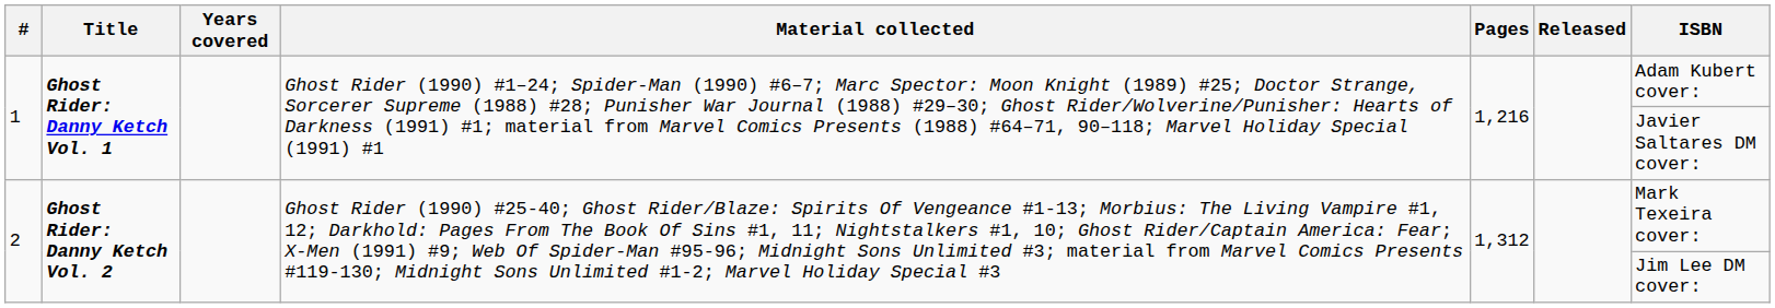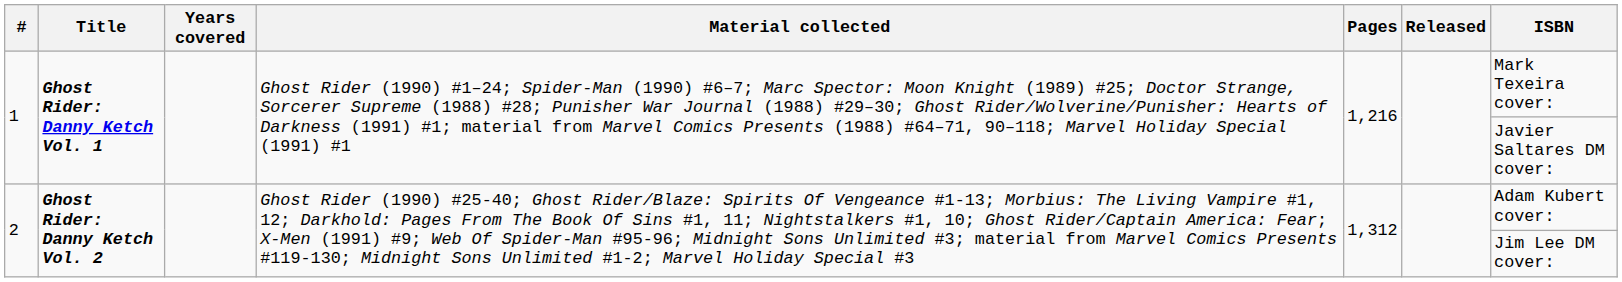 <table class="wikitable sortable" width="99%">
 <tr>
 <th class="unsortable" width="20px">#</th>
 <th>Title</th>
 <th>Years covered</th>
 <th class="unsortable">Material collected</th>
 <th>Pages</th>
 <th>Released</th>
 <th class="unsortable">ISBN</th>
 </tr>
 <tr>
 <td rowspan=2>1</td>
 <td rowspan=2><strong><em>Ghost Rider: <a href='#'>Danny Ketch</a> Vol. 1</em></strong></td>
 <td rowspan=2></td>
 <td rowspan=2><em>Ghost Rider</em> (1990) #1–24; <em>Spider-Man</em> (1990) #6–7; <em>Marc Spector: Moon Knight</em> (1989) #25; <em>Doctor Strange, Sorcerer Supreme</em> (1988) #28; <em>Punisher War Journal</em> (1988) #29–30; <em>Ghost Rider/Wolverine/Punisher: Hearts of Darkness</em> (1991) #1; material from <em>Marvel Comics Presents</em> (1988) #64–71, 90–118; <em>Marvel Holiday Special</em> (1991) #1</td>
 <td rowspan=2 style="text-align: center;">1,216</td>
 <td rowspan=2></td>
-<td>Adam Kubert cover: </td>
+<td>Mark Texeira cover: </td>
 </tr>
 <tr>
 <td>Javier Saltares DM cover: </td>
 </tr>
 <tr>
 <td rowspan=2>2</td>
 <td rowspan=2><strong><em>Ghost Rider: Danny Ketch Vol. 2</em></strong></td>
 <td rowspan=2></td>
 <td rowspan=2><em>Ghost Rider</em> (1990) #25-40; <em>Ghost Rider/Blaze: Spirits Of Vengeance</em> #1-13; <em>Morbius: The Living Vampire</em> #1, 12; <em>Darkhold: Pages From The Book Of Sins</em> #1, 11; <em>Nightstalkers</em> #1, 10; <em>Ghost Rider/Captain America: Fear</em>; <em>X-Men</em> (1991) #9; <em>Web Of Spider-Man</em> #95-96; <em>Midnight Sons Unlimited</em> #3; material from <em>Marvel Comics Presents</em> #119-130; <em>Midnight Sons Unlimited</em> #1-2; <em>Marvel Holiday Special</em> #3</td>
 <td rowspan=2 style="text-align: center;">1,312</td>
 <td rowspan=2></td>
-<td>Mark Texeira cover: </td>
+<td>Adam Kubert cover: </td>
 </tr>
 <tr>
 <td>Jim Lee DM cover: </td>
 </tr>
 </table>
